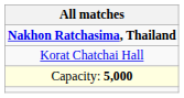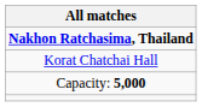 <table class="wikitable" style="text-align:center">
 <tr>
 <th>All matches</th>
 </tr>
 <tr>
 <td><strong><a href='#'>Nakhon Ratchasima</a>, Thailand</strong></td>
 </tr>
 <tr>
 <td><a href='#'>Korat Chatchai Hall</a></td>
 </tr>
 <tr>
-<td style="background: lightyellow;">Capacity: <strong>5,000</strong></td>
+<td>Capacity: <strong>5,000</strong></td>
 </tr>
 <tr>
 <td></td>
 </tr>
 </table>
